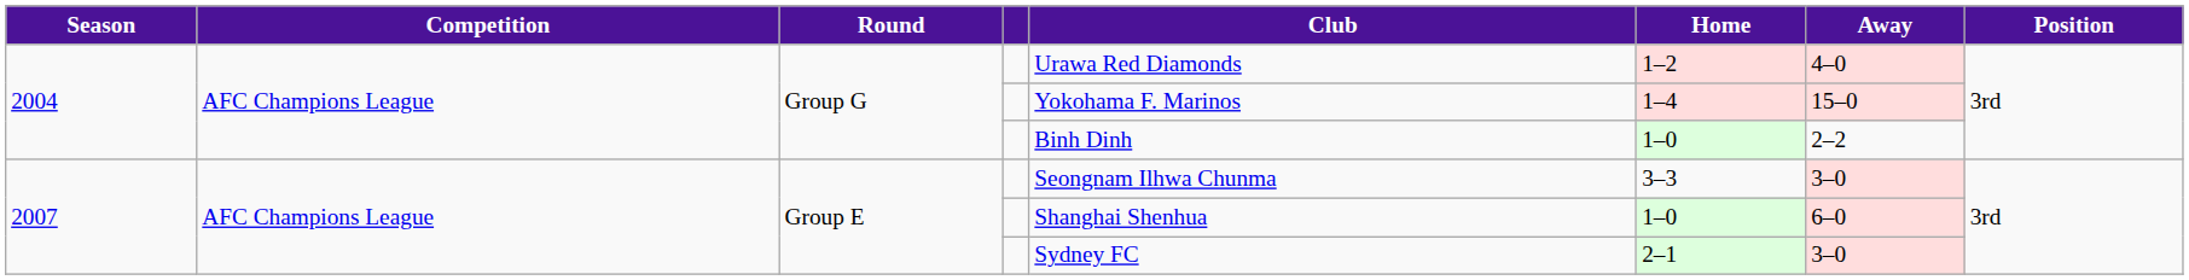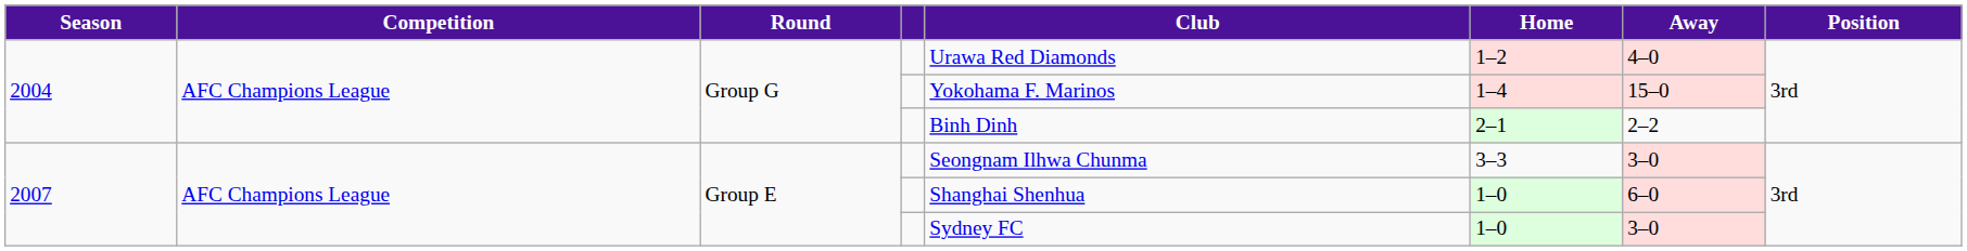 <table class="wikitable" style="font-size:90%; width:85%;" ;>
 <tr>
 <th style="color:#FFFFFF; background:#4B1297;">Season</th>
 <th style="color:#FFFFFF; background:#4B1297;">Competition</th>
 <th style="color:#FFFFFF; background:#4B1297;">Round</th>
 <th style="color:#FFFFFF; background:#4B1297;"></th>
 <th style="color:#FFFFFF; background:#4B1297;">Club</th>
 <th style="color:#FFFFFF; background:#4B1297;">Home</th>
 <th style="color:#FFFFFF; background:#4B1297;">Away</th>
 <th style="color:#FFFFFF; background:#4B1297;">Position</th>
 </tr>
 <tr>
 <td rowspan="3"><a href='#'>2004</a></td>
 <td rowspan="3"><a href='#'>AFC Champions League</a></td>
 <td rowspan="3">Group G</td>
 <td></td>
 <td><a href='#'>Urawa Red Diamonds</a></td>
 <td style="background:#fdd;">1–2</td>
 <td style="background:#fdd;">4–0</td>
 <td rowspan="3">3rd</td>
 </tr>
 <tr>
 <td></td>
 <td><a href='#'>Yokohama F. Marinos</a></td>
 <td style="background:#fdd;">1–4</td>
 <td style="background:#fdd;">15–0</td>
 </tr>
 <tr>
 <td></td>
 <td><a href='#'>Binh Dinh</a></td>
-<td style="background:#dfd;">1–0</td>
+<td style="background:#dfd;">2–1</td>
 <td>2–2</td>
 </tr>
 <tr>
 <td rowspan="3"><a href='#'>2007</a></td>
 <td rowspan="3"><a href='#'>AFC Champions League</a></td>
 <td rowspan="3">Group E</td>
 <td></td>
 <td><a href='#'>Seongnam Ilhwa Chunma</a></td>
 <td>3–3</td>
 <td style="background:#fdd;">3–0</td>
 <td rowspan="3">3rd</td>
 </tr>
 <tr>
 <td></td>
 <td><a href='#'>Shanghai Shenhua</a></td>
 <td style="background:#dfd;">1–0</td>
 <td style="background:#fdd;">6–0</td>
 </tr>
 <tr>
 <td></td>
 <td><a href='#'>Sydney FC</a></td>
-<td style="background:#dfd;">2–1</td>
+<td style="background:#dfd;">1–0</td>
 <td style="background:#fdd;">3–0</td>
 </tr>
 </table>
